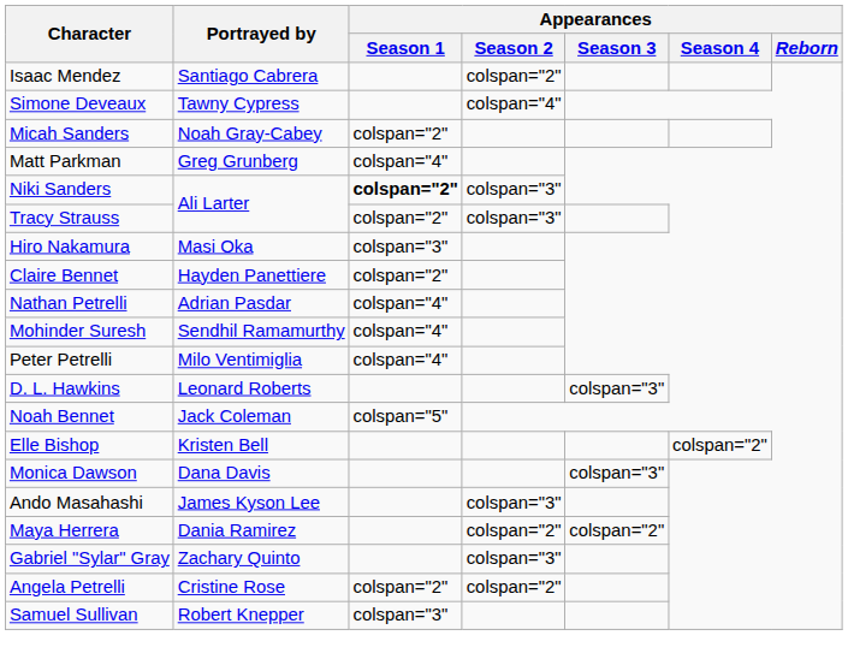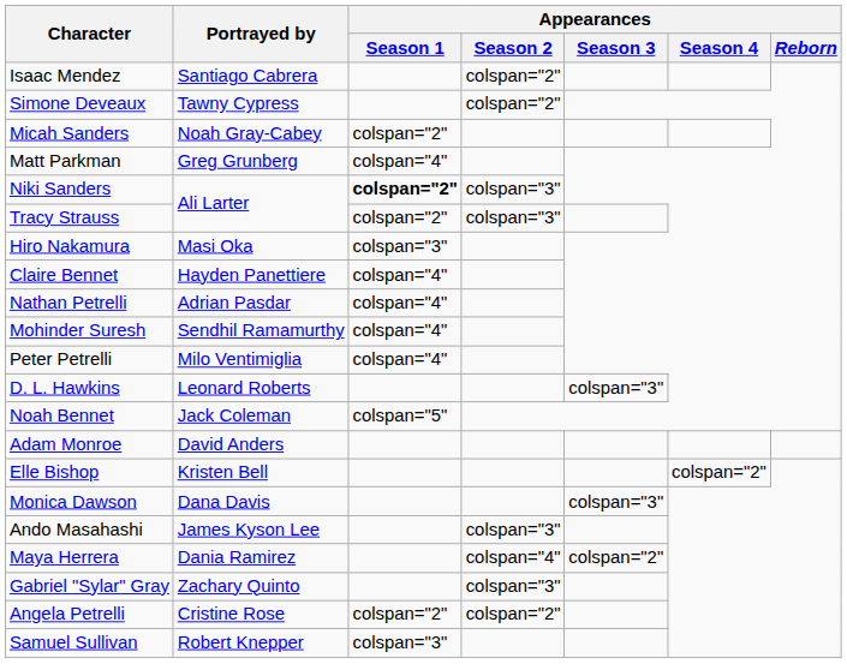 <table class="wikitable">
 <tr>
 <th rowspan=2>Character</th>
 <th rowspan="2">Portrayed by</th>
 <th colspan="5">Appearances</th>
 </tr>
 <tr>
 <th><a href='#'>Season 1</a></th>
 <th><a href='#'>Season 2</a></th>
 <th><a href='#'>Season 3</a></th>
 <th><a href='#'>Season 4</a></th>
 <th><a href='#'><em>Reborn</em></a></th>
 </tr>
 <tr>
 <td>Isaac Mendez</td>
 <td><a href='#'>Santiago Cabrera</a></td>
 <td></td>
 <td>colspan="2" </td>
 <td></td>
 <td></td>
 </tr>
 <tr>
 <td><a href='#'>Simone Deveaux</a></td>
 <td><a href='#'>Tawny Cypress</a></td>
 <td></td>
-<td>colspan="4" </td>
+<td>colspan="2" </td>
 </tr>
 <tr>
 <td><a href='#'>Micah Sanders</a></td>
 <td><a href='#'>Noah Gray-Cabey</a></td>
 <td>colspan="2" </td>
 <td></td>
 <td></td>
 <td></td>
 </tr>
 <tr>
 <td>Matt Parkman</td>
 <td><a href='#'>Greg Grunberg</a></td>
 <td>colspan="4" </td>
 <td></td>
 </tr>
 <tr>
 <td><a href='#'>Niki Sanders</a></td>
 <td rowspan="2"><a href='#'>Ali Larter</a></td>
 <td><strong>colspan="2" </strong></td>
 <td>colspan="3" </td>
 </tr>
 <tr>
 <td><a href='#'>Tracy Strauss</a></td>
 <td>colspan="2" </td>
 <td>colspan="3" </td>
 <td></td>
 </tr>
 <tr>
 <td><a href='#'>Hiro Nakamura</a></td>
 <td><a href='#'>Masi Oka</a></td>
 <td>colspan="3" </td>
 <td></td>
 </tr>
 <tr>
 <td><a href='#'>Claire Bennet</a></td>
 <td><a href='#'>Hayden Panettiere</a></td>
-<td>colspan="2" </td>
+<td>colspan="4" </td>
 <td></td>
 </tr>
 <tr>
 <td><a href='#'>Nathan Petrelli</a></td>
 <td><a href='#'>Adrian Pasdar</a></td>
 <td>colspan="4" </td>
 <td></td>
 </tr>
 <tr>
 <td><a href='#'>Mohinder Suresh</a></td>
 <td><a href='#'>Sendhil Ramamurthy</a></td>
 <td>colspan="4" </td>
 <td></td>
 </tr>
 <tr>
 <td>Peter Petrelli</td>
 <td><a href='#'>Milo Ventimiglia</a></td>
 <td>colspan="4" </td>
 <td></td>
 </tr>
 <tr>
 <td><a href='#'>D. L. Hawkins</a></td>
 <td><a href='#'>Leonard Roberts</a></td>
 <td></td>
 <td></td>
 <td>colspan="3" </td>
 </tr>
 <tr>
 <td><a href='#'>Noah Bennet</a></td>
 <td><a href='#'>Jack Coleman</a></td>
 <td>colspan="5" </td>
 </tr>
 <tr>
+<td><a href='#'>Adam Monroe</a></td>
+<td><a href='#'>David Anders</a></td>
+<td></td>
+<td></td>
+<td></td>
+<td></td>
+<td></td>
+</tr>
+<tr>
 <td><a href='#'>Elle Bishop</a></td>
 <td><a href='#'>Kristen Bell</a></td>
 <td></td>
 <td></td>
 <td></td>
 <td>colspan="2" </td>
 </tr>
 <tr>
 <td><a href='#'>Monica Dawson</a></td>
 <td><a href='#'>Dana Davis</a></td>
 <td></td>
 <td></td>
 <td>colspan="3" </td>
 </tr>
 <tr>
 <td>Ando Masahashi</td>
 <td><a href='#'>James Kyson Lee</a></td>
 <td></td>
 <td>colspan="3" </td>
 <td></td>
 </tr>
 <tr>
 <td><a href='#'>Maya Herrera</a></td>
 <td><a href='#'>Dania Ramirez</a></td>
 <td></td>
-<td>colspan="2" </td>
+<td>colspan="4" </td>
 <td>colspan="2" </td>
 </tr>
 <tr>
 <td><a href='#'>Gabriel "Sylar" Gray</a></td>
 <td><a href='#'>Zachary Quinto</a></td>
 <td></td>
 <td>colspan="3" </td>
 <td></td>
 </tr>
 <tr>
 <td><a href='#'>Angela Petrelli</a></td>
 <td><a href='#'>Cristine Rose</a></td>
 <td>colspan="2" </td>
 <td>colspan="2" </td>
 <td></td>
 </tr>
 <tr>
 <td><a href='#'>Samuel Sullivan</a></td>
 <td><a href='#'>Robert Knepper</a></td>
 <td>colspan="3" </td>
 <td></td>
 <td></td>
 </tr>
 </table>
